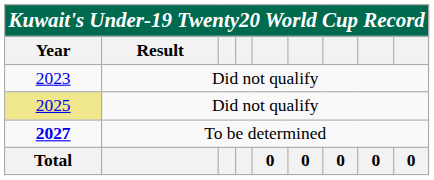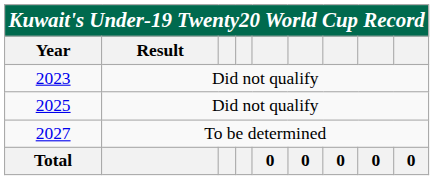 <table class="wikitable" style="text-align:center">
 <tr>
 <th style="color:white; background:#006A4E;" colspan=9><strong><big><em>Kuwait's Under-19 Twenty20 World Cup Record</em></big></strong></th>
 </tr>
 <tr>
 <th>Year</th>
 <th>Result</th>
 <th></th>
 <th></th>
 <th></th>
 <th></th>
 <th></th>
 <th></th>
 <th></th>
 </tr>
 <tr>
 <td> <a href='#'>2023</a></td>
 <td colspan=8>Did not qualify</td>
 </tr>
 <tr>
-<td style="background: khaki;"> <a href='#'>2025</a></td>
+<td> <a href='#'>2025</a></td>
 <td colspan="8">Did not qualify</td>
 </tr>
 <tr>
-<td><strong> <a href='#'>2027</a></strong></td>
+<td> <a href='#'>2027</a></td>
 <td colspan="8">To be determined</td>
 </tr>
 <tr>
 <th>Total</th>
 <th></th>
 <th></th>
 <th></th>
 <th>0</th>
 <th>0</th>
 <th>0</th>
 <th>0</th>
 <th>0</th>
 </tr>
 </table>
